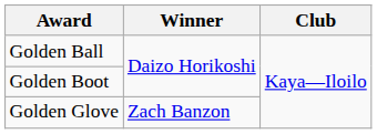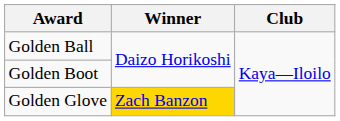 <table class="wikitable">
 <tr>
 <th>Award</th>
 <th>Winner</th>
 <th>Club</th>
 </tr>
 <tr>
 <td>Golden Ball</td>
 <td rowspan="2"> <a href='#'>Daizo Horikoshi</a></td>
 <td rowspan="3"><a href='#'>Kaya—Iloilo</a></td>
 </tr>
 <tr>
 <td>Golden Boot</td>
 </tr>
 <tr>
 <td>Golden Glove</td>
-<td> <a href='#'>Zach Banzon</a></td>
+<td style="background: gold;"> <a href='#'>Zach Banzon</a></td>
 </tr>
 </table>
